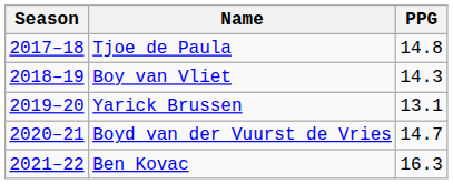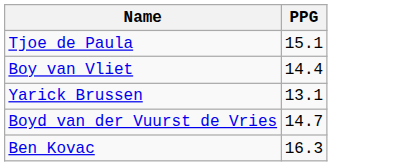 <table class="wikitable">
 <tr>
-<th>Season</th>
 <th>Name</th>
 <th>PPG</th>
 </tr>
 <tr>
-<td><a href='#'>2017–18</a></td>
 <td> <a href='#'>Tjoe de Paula</a></td>
-<td style="text-align:center;">14.8</td>
+<td style="text-align:center;">15.1</td>
 </tr>
 <tr>
-<td><a href='#'>2018–19</a></td>
 <td> <a href='#'>Boy van Vliet</a></td>
-<td style="text-align:center;">14.3</td>
+<td style="text-align:center;">14.4</td>
 </tr>
 <tr>
-<td><a href='#'>2019–20</a></td>
 <td> <a href='#'>Yarick Brussen</a></td>
 <td style="text-align:center;">13.1</td>
 </tr>
 <tr>
-<td><a href='#'>2020–21</a></td>
 <td> <a href='#'>Boyd van der Vuurst de Vries</a></td>
 <td style="text-align:center;">14.7</td>
 </tr>
 <tr>
-<td><a href='#'>2021–22</a></td>
 <td> <a href='#'>Ben Kovac</a></td>
 <td>16.3</td>
 </tr>
 </table>
